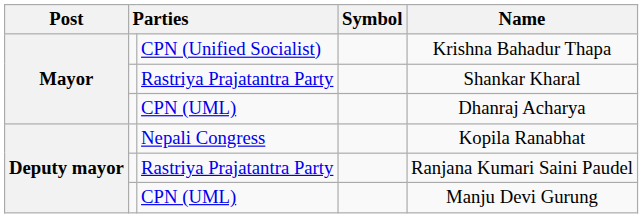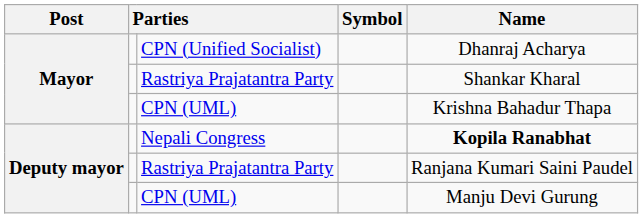 <table class="wikitable" style="text-align:right">
 <tr>
 <th>Post</th>
 <th colspan="2" style="text-align:left;">Parties</th>
 <th>Symbol</th>
 <th>Name</th>
 </tr>
 <tr>
 <th rowspan="3">Mayor</th>
 <td style="background-color:"></td>
 <td style="text-align:left;"><a href='#'>CPN (Unified Socialist)</a></td>
 <td style="text-align:center;"></td>
-<td style="text-align:center;">Krishna Bahadur Thapa</td>
+<td style="text-align:center;">Dhanraj Acharya</td>
 </tr>
 <tr>
 <td></td>
 <td style="text-align:left;"><a href='#'>Rastriya Prajatantra Party</a></td>
 <td style="text-align:center;"></td>
 <td style="text-align:center;">Shankar Kharal</td>
 </tr>
 <tr>
 <td style="background-color:"></td>
 <td style="text-align:left;"><a href='#'>CPN (UML)</a></td>
 <td style="text-align:center;"></td>
-<td style="text-align:center;">Dhanraj Acharya</td>
+<td style="text-align:center;">Krishna Bahadur Thapa</td>
 </tr>
 <tr>
 <th rowspan="3">Deputy mayor</th>
 <td></td>
 <td style="text-align:left;"><a href='#'>Nepali Congress</a></td>
 <td style="text-align:center;"></td>
-<td style="text-align:center;">Kopila Ranabhat</td>
+<td style="text-align:center;"><strong>Kopila Ranabhat</strong></td>
 </tr>
 <tr>
 <td></td>
 <td style="text-align:left;"><a href='#'>Rastriya Prajatantra Party</a></td>
 <td style="text-align:center;"></td>
 <td style="text-align:center;">Ranjana Kumari Saini Paudel</td>
 </tr>
 <tr>
 <td style="background-color:"></td>
 <td style="text-align:left;"><a href='#'>CPN (UML)</a></td>
 <td style="text-align:center;"></td>
 <td style="text-align:center;">Manju Devi Gurung</td>
 </tr>
 </table>
